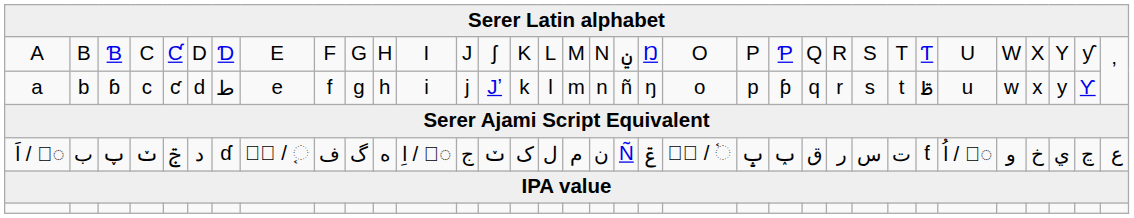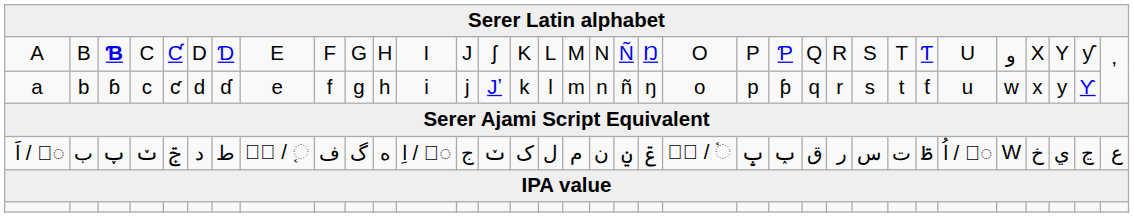 <table class=wikitable style=text-align:center>
 <tr>
 <td colspan="34" bgcolor="#EFEFEF"><strong>Serer Latin alphabet</strong></td>
 </tr>
 <tr>
 <td>A</td>
 <td>B</td>
-<td><a href='#'>Ɓ</a></td>
+<td><strong><a href='#'>Ɓ</a></strong></td>
 <td>C</td>
 <td><a href='#'>Ƈ</a></td>
 <td>D</td>
 <td><a href='#'>Ɗ</a></td>
 <td>E</td>
 <td>F</td>
 <td>G</td>
 <td>H</td>
 <td>I</td>
 <td>J</td>
 <td>ʃ</td>
 <td>K</td>
 <td>L</td>
 <td>M</td>
 <td>N</td>
-<td>ݧ</td>
+<td><a href='#'>Ñ</a></td>
 <td><a href='#'>Ŋ</a></td>
 <td>O</td>
 <td>P</td>
 <td><a href='#'>Ƥ</a></td>
 <td>Q</td>
 <td>R</td>
 <td>S</td>
 <td>T</td>
 <td><a href='#'>Ƭ</a></td>
 <td>U</td>
-<td>W</td>
+<td>و</td>
 <td>X</td>
 <td>Y</td>
 <td>ƴ</td>
 <td rowspan=2>ʼ</td>
 </tr>
 <tr>
 <td>a</td>
 <td>b</td>
 <td>ɓ</td>
 <td>c</td>
 <td>ƈ</td>
 <td>d</td>
-<td>ط‎</td>
+<td>ɗ</td>
 <td>e</td>
 <td>f</td>
 <td>g</td>
 <td>h</td>
 <td>i</td>
 <td>j</td>
 <td><a href='#'>Jʼ</a></td>
 <td>k</td>
 <td>l</td>
 <td>m</td>
 <td>n</td>
 <td>ñ</td>
 <td>ŋ</td>
 <td>o</td>
 <td>p</td>
 <td>ƥ</td>
 <td>q</td>
 <td>r</td>
 <td>s</td>
 <td>t</td>
-<td>ࢣ</td>
+<td>ƭ</td>
 <td>u</td>
 <td>w</td>
 <td>x</td>
 <td>y</td>
 <td><a href='#'>Ƴ</a></td>
 </tr>
 <tr>
 <td colspan="34" bgcolor="#EFEFEF"><strong>Serer Ajami Script Equivalent</strong></td>
 </tr>
 <tr>
 <td>‌ اَ / ◌َ‎</td>
 <td>ب</td>
 <td>ࢠ‎</td>
 <td>ݖ‎</td>
 <td>ࢢ‎</td>
 <td>د</td>
-<td>ɗ</td>
+<td>ط‎</td>
 <td>اࣹ / ◌ࣹ‎</td>
 <td>ف</td>
 <td>گ</td>
 <td>ه</td>
 <td>اِ / ◌ِ</td>
 <td>ج</td>
 <td>ݖ</td>
 <td>‌ک</td>
 <td>ل</td>
 <td>م</td>
 <td>ن</td>
-<td><a href='#'>Ñ</a></td>
+<td>ݧ</td>
 <td>ݝ‌</td>
 <td>اࣷ / ◌ࣷ‎</td>
 <td>ݒ</td>
 <td>ݕ</td>
 <td>ق</td>
 <td>‌ ر</td>
 <td>س</td>
 <td>ت</td>
-<td>ƭ</td>
+<td>ࢣ</td>
 <td>اُ / ◌ُ‎</td>
-<td>و</td>
+<td>W</td>
 <td>خ</td>
 <td>‌ي</td>
 <td>ڃ</td>
 <td>‌ ع</td>
 </tr>
 <tr>
 <td colspan="34" bgcolor="#EFEFEF"><strong>IPA value</strong></td>
 </tr>
 <tr>
 <td></td>
 <td></td>
 <td></td>
 <td></td>
 <td></td>
 <td></td>
 <td></td>
 <td></td>
 <td></td>
 <td></td>
 <td></td>
 <td></td>
 <td></td>
 <td></td>
 <td></td>
 <td></td>
 <td></td>
 <td></td>
 <td></td>
 <td></td>
 <td></td>
 <td></td>
 <td></td>
 <td></td>
 <td></td>
 <td></td>
 <td></td>
 <td></td>
 <td></td>
 <td></td>
 <td></td>
 <td></td>
 <td></td>
 <td></td>
 </tr>
 </table>
